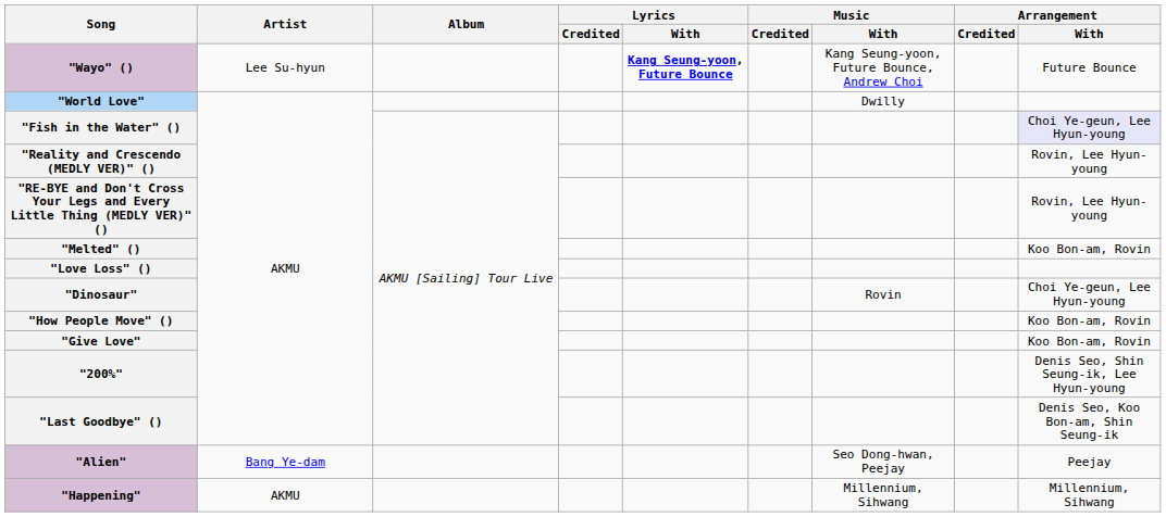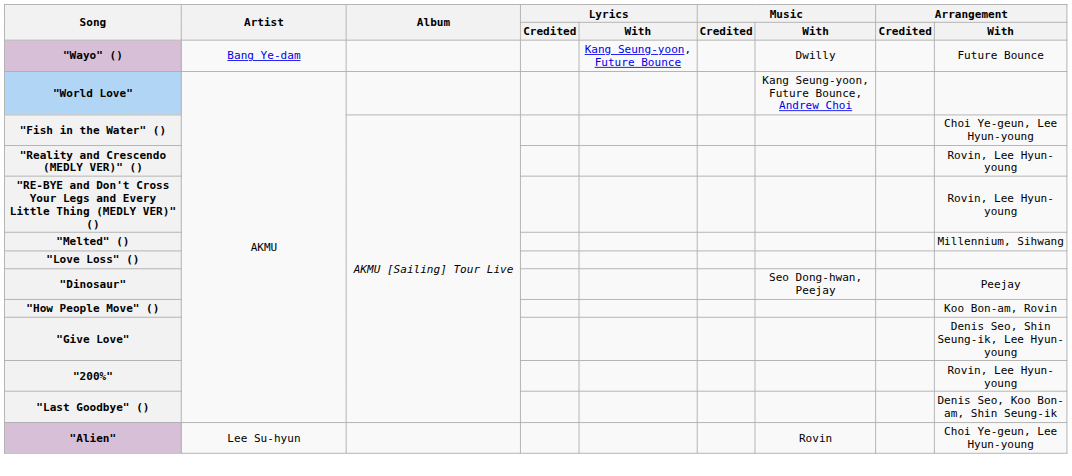 <table class="wikitable plainrowheaders" style="text-align:center;">
 <tr>
 <th rowspan="2" width="300px">Song</th>
 <th rowspan="2" width="300px">Artist</th>
 <th rowspan="2" width="300px">Album</th>
 <th colspan="2">Lyrics</th>
 <th colspan="2">Music</th>
 <th colspan="2">Arrangement</th>
 </tr>
 <tr>
 <th width="50px">Credited</th>
 <th width="200px">With</th>
 <th width="50px">Credited</th>
 <th width="200px">With</th>
 <th width="50px">Credited</th>
 <th width="200px">With</th>
 </tr>
 <tr>
 <th scope="row" style="background-color:#D8BFD8">"Wayo" () </th>
-<td>Lee Su-hyun</td>
+<td><a href='#'>Bang Ye-dam</a></td>
 <td></td>
 <td></td>
-<td><strong><a href='#'>Kang Seung-yoon</a>, <a href='#'>Future Bounce</a></strong></td>
+<td><a href='#'>Kang Seung-yoon</a>, <a href='#'>Future Bounce</a></td>
 <td></td>
-<td>Kang Seung-yoon, Future Bounce, <a href='#'>Andrew Choi</a></td>
+<td>Dwilly</td>
 <td></td>
 <td>Future Bounce</td>
 </tr>
 <tr>
 <th scope="row" style="background-color:#b1d6f5">"World Love" <br> </th>
 <td rowspan="11">AKMU</td>
 <td></td>
 <td></td>
 <td></td>
 <td></td>
-<td>Dwilly</td>
+<td>Kang Seung-yoon, Future Bounce, <a href='#'>Andrew Choi</a></td>
 <td></td>
 <td></td>
 </tr>
 <tr>
 <th scope="row">"Fish in the Water" ()</th>
 <td rowspan="10"><em>AKMU [Sailing] Tour Live</em></td>
 <td></td>
 <td></td>
 <td></td>
 <td></td>
 <td></td>
-<td style="background: lavender;">Choi Ye-geun, Lee Hyun-young</td>
+<td>Choi Ye-geun, Lee Hyun-young</td>
 </tr>
 <tr>
 <th scope="row">"Reality and Crescendo (MEDLY VER)" ()</th>
 <td></td>
 <td></td>
 <td></td>
 <td></td>
 <td></td>
 <td>Rovin, Lee Hyun-young</td>
 </tr>
 <tr>
 <th scope="row">"RE-BYE and Don't Cross Your Legs and Every Little Thing (MEDLY VER)" ()</th>
 <td></td>
 <td></td>
 <td></td>
 <td></td>
 <td></td>
 <td>Rovin, Lee Hyun-young</td>
 </tr>
 <tr>
 <th scope="row">"Melted" ()</th>
 <td></td>
 <td></td>
 <td></td>
 <td></td>
 <td></td>
-<td>Koo Bon-am, Rovin</td>
+<td>Millennium, Sihwang</td>
 </tr>
 <tr>
 <th scope="row">"Love Loss" ()</th>
 <td></td>
 <td></td>
 <td></td>
 <td></td>
 <td></td>
 <td></td>
 </tr>
 <tr>
 <th scope="row">"Dinosaur"</th>
 <td></td>
 <td></td>
 <td></td>
-<td>Rovin</td>
+<td>Seo Dong-hwan, Peejay</td>
 <td></td>
-<td>Choi Ye-geun, Lee Hyun-young</td>
+<td>Peejay</td>
 </tr>
 <tr>
 <th scope="row">"How People Move" ()</th>
 <td></td>
 <td></td>
 <td></td>
 <td></td>
 <td></td>
 <td>Koo Bon-am, Rovin</td>
 </tr>
 <tr>
 <th scope="row">"Give Love"</th>
 <td></td>
 <td></td>
 <td></td>
 <td></td>
 <td></td>
-<td>Koo Bon-am, Rovin</td>
+<td>Denis Seo, Shin Seung-ik, Lee Hyun-young</td>
 </tr>
 <tr>
 <th scope="row">"200%"</th>
 <td></td>
 <td></td>
 <td></td>
 <td></td>
 <td></td>
-<td>Denis Seo, Shin Seung-ik, Lee Hyun-young</td>
+<td>Rovin, Lee Hyun-young</td>
 </tr>
 <tr>
 <th scope="row">"Last Goodbye" ()</th>
 <td></td>
 <td></td>
 <td></td>
 <td></td>
 <td></td>
 <td>Denis Seo, Koo Bon-am, Shin Seung-ik</td>
 </tr>
 <tr>
 <th scope="row" style="background-color:#D8BFD8">"Alien" </th>
-<td><a href='#'>Bang Ye-dam</a></td>
+<td>Lee Su-hyun</td>
 <td></td>
 <td></td>
 <td></td>
 <td></td>
-<td>Seo Dong-hwan, Peejay</td>
+<td>Rovin</td>
 <td></td>
-<td>Peejay</td>
-</tr>
-<tr>
-<th scope="row" style="background-color:#D8BFD8">"Happening" </th>
-<td>AKMU</td>
-<td></td>
-<td></td>
-<td></td>
-<td></td>
-<td>Millennium, Sihwang</td>
-<td></td>
-<td>Millennium, Sihwang</td>
+<td>Choi Ye-geun, Lee Hyun-young</td>
 </tr>
 </table>
